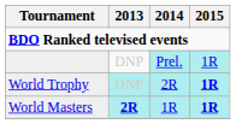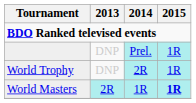 <table class="wikitable" style="width:20%; margin:0">
 <tr>
 <th>Tournament</th>
 <th>2013</th>
 <th>2014</th>
 <th>2015</th>
 </tr>
 <tr>
 <td colspan="31" align="left"><strong><a href='#'>BDO</a> Ranked televised events</strong></td>
 </tr>
 <tr>
 <td style="background:#efefef;"></td>
 <td style="text-align:center; color:#ccc;">DNP</td>
 <td style="text-align:center; background:#afeeee;"><a href='#'>Prel.</a></td>
 <td style="text-align:center; background:#afeeee;"><a href='#'>1R</a></td>
 </tr>
 <tr>
 <td style="background:#efefef;"><a href='#'>World Trophy</a></td>
-<td style="background: paleturquoise; text-align:center; color:#ccc;">DNP</td>
+<td style="text-align:center; color:#ccc;">DNP</td>
 <td style="text-align:center; background:#afeeee;"><a href='#'>2R</a></td>
-<td style="text-align:center; background:#afeeee;"><strong><a href='#'>1R</a></strong></td>
+<td style="text-align:center; background:#afeeee;"><a href='#'>1R</a></td>
 </tr>
 <tr>
 <td style="background:#efefef;" align=left><a href='#'>World Masters</a></td>
-<td style="text-align:center; background:#afeeee;"><strong><a href='#'>2R</a></strong></td>
+<td style="text-align:center; background:#afeeee;"><a href='#'>2R</a></td>
 <td style="text-align:center; background:#afeeee;"><a href='#'>1R</a></td>
 <td style="text-align:center; background:#afeeee;"><strong><a href='#'>1R</a></strong></td>
 </tr>
 <tr>
 </tr>
 </table>
